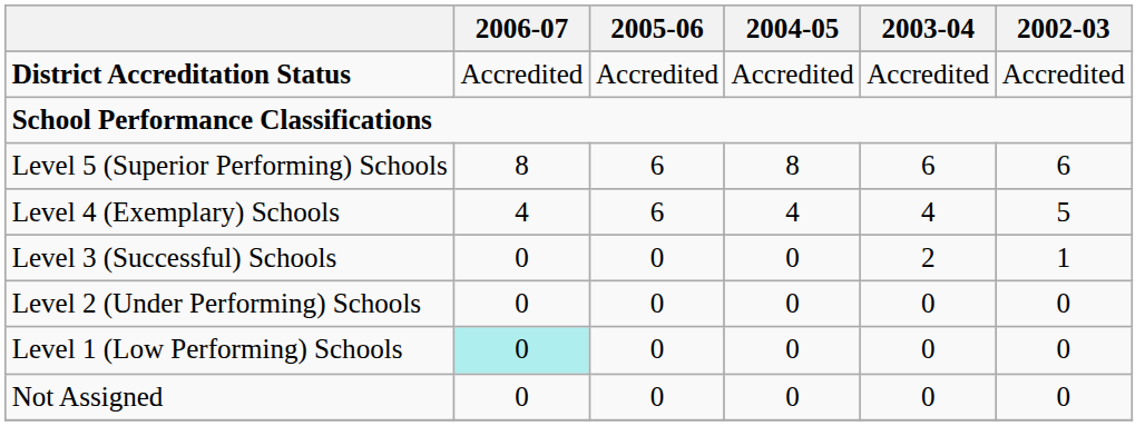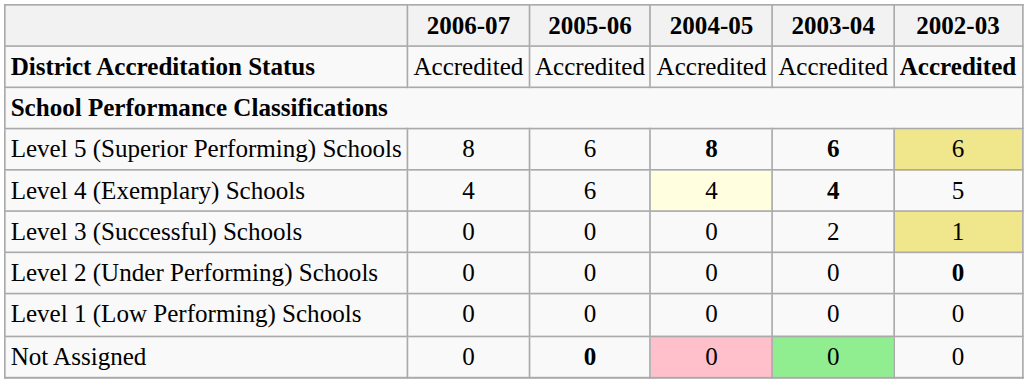 <table class="wikitable" style="font-size: 95%;">
 <tr>
 <th></th>
 <th>2006-07</th>
 <th>2005-06</th>
 <th>2004-05</th>
 <th>2003-04</th>
 <th>2002-03</th>
 </tr>
 <tr>
 <td align="left"><strong>District Accreditation Status</strong></td>
 <td align="center">Accredited</td>
 <td align="center">Accredited</td>
 <td align="center">Accredited</td>
 <td align="center">Accredited</td>
-<td align="center">Accredited</td>
+<td align="center"><strong>Accredited</strong></td>
 </tr>
 <tr>
 <td align="left" colspan="6"><strong>School Performance Classifications</strong></td>
 </tr>
 <tr>
 <td align="left">Level 5 (Superior Performing) Schools</td>
 <td align="center">8</td>
 <td align="center">6</td>
-<td align="center">8</td>
-<td align="center">6</td>
-<td align="center">6</td>
+<td align="center"><strong>8</strong></td>
+<td align="center"><strong>6</strong></td>
+<td align="center" style="background: khaki;">6</td>
 </tr>
 <tr>
 <td align="left">Level 4 (Exemplary) Schools</td>
 <td align="center">4</td>
 <td align="center">6</td>
-<td align="center">4</td>
-<td align="center">4</td>
+<td align="center" style="background: lightyellow;">4</td>
+<td align="center"><strong>4</strong></td>
 <td align="center">5</td>
 </tr>
 <tr>
 <td align="left">Level 3 (Successful) Schools</td>
 <td align="center">0</td>
 <td align="center">0</td>
 <td align="center">0</td>
 <td align="center">2</td>
-<td align="center">1</td>
+<td align="center" style="background: khaki;">1</td>
 </tr>
 <tr>
 <td align="left">Level 2 (Under Performing) Schools</td>
 <td align="center">0</td>
 <td align="center">0</td>
 <td align="center">0</td>
 <td align="center">0</td>
-<td align="center">0</td>
+<td align="center"><strong>0</strong></td>
 </tr>
 <tr>
 <td align="left">Level 1 (Low Performing) Schools</td>
-<td align="center" style="background: paleturquoise;">0</td>
+<td align="center">0</td>
 <td align="center">0</td>
 <td align="center">0</td>
 <td align="center">0</td>
 <td align="center">0</td>
 </tr>
 <tr>
 <td align="left">Not Assigned</td>
 <td align="center">0</td>
-<td align="center">0</td>
-<td align="center">0</td>
-<td align="center">0</td>
+<td align="center"><strong>0</strong></td>
+<td align="center" style="background: pink;">0</td>
+<td align="center" style="background: lightgreen;">0</td>
 <td align="center">0</td>
 </tr>
 <tr>
 </tr>
 </table>
